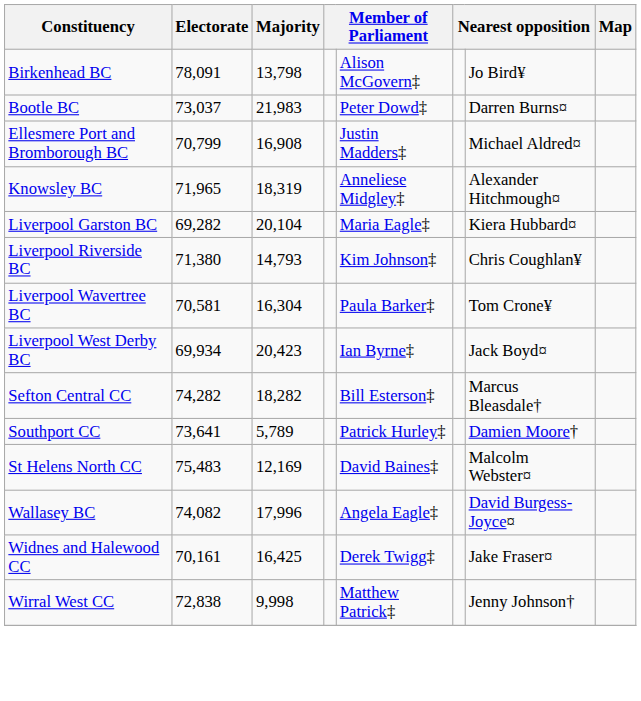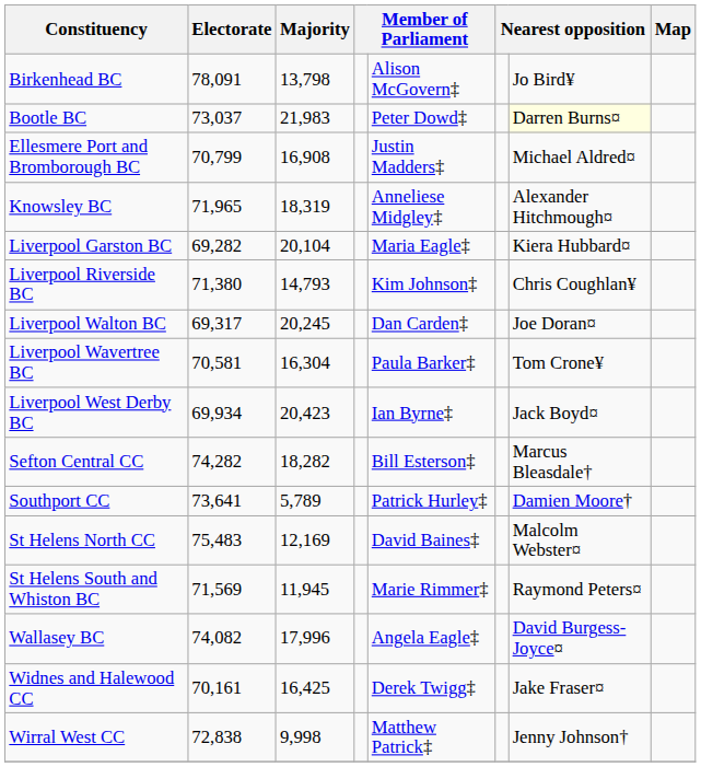 <table class="wikitable sortable">
 <tr>
 <th rowspan="1">Constituency</th>
 <th rowspan="1">Electorate</th>
 <th rowspan="1">Majority</th>
 <th class="unsortable" colspan="2"><a href='#'>Member of Parliament</a></th>
 <th class="unsortable" colspan="2">Nearest opposition</th>
 <th class="unsortable" rowspan="1">Map</th>
 </tr>
 <tr>
 <td><a href='#'>Birkenhead BC</a></td>
 <td>78,091</td>
 <td>13,798</td>
 <td style="color:inherit;background:"> </td>
 <td><a href='#'>Alison McGovern</a>‡</td>
 <td style="color:inherit;background:"> </td>
 <td>Jo Bird¥</td>
 <td></td>
 </tr>
 <tr>
 <td><a href='#'>Bootle BC</a></td>
 <td>73,037</td>
 <td>21,983</td>
 <td style="color:inherit;background:"> </td>
 <td><a href='#'>Peter Dowd</a>‡</td>
 <td style="color:inherit;background:"> </td>
-<td>Darren Burns¤</td>
+<td style="background: lightyellow;">Darren Burns¤</td>
 <td></td>
 </tr>
 <tr>
 <td><a href='#'>Ellesmere Port and Bromborough BC</a></td>
 <td>70,799</td>
 <td>16,908</td>
 <td style="color:inherit;background:"> </td>
 <td><a href='#'>Justin Madders</a>‡</td>
 <td style="color:inherit;background:"> </td>
 <td>Michael Aldred¤</td>
 <td></td>
 </tr>
 <tr>
 <td><a href='#'>Knowsley BC</a></td>
 <td>71,965</td>
 <td>18,319</td>
 <td style="color:inherit;background:"> </td>
 <td><a href='#'>Anneliese Midgley</a>‡</td>
 <td style="color:inherit;background:"> </td>
 <td>Alexander Hitchmough¤</td>
 <td></td>
 </tr>
 <tr>
 <td><a href='#'>Liverpool Garston BC</a></td>
 <td>69,282</td>
 <td>20,104</td>
 <td style="color:inherit;background:"> </td>
 <td><a href='#'>Maria Eagle</a>‡</td>
 <td style="color:inherit;background:"> </td>
 <td>Kiera Hubbard¤</td>
 <td></td>
 </tr>
 <tr>
 <td><a href='#'>Liverpool Riverside BC</a></td>
 <td>71,380</td>
 <td>14,793</td>
 <td style="color:inherit;background:"> </td>
 <td><a href='#'>Kim Johnson</a>‡</td>
 <td style="color:inherit;background:"> </td>
 <td>Chris Coughlan¥</td>
+<td></td>
+</tr>
+<tr>
+<td><a href='#'>Liverpool Walton BC</a></td>
+<td>69,317</td>
+<td>20,245</td>
+<td style="color:inherit;background:"> </td>
+<td><a href='#'>Dan Carden</a>‡</td>
+<td style="color:inherit;background:"> </td>
+<td>Joe Doran¤</td>
 <td></td>
 </tr>
 <tr>
 <td><a href='#'>Liverpool Wavertree BC</a></td>
 <td>70,581</td>
 <td>16,304</td>
 <td style="color:inherit;background:"> </td>
 <td><a href='#'>Paula Barker</a>‡</td>
 <td style="color:inherit;background:"> </td>
 <td>Tom Crone¥</td>
 <td></td>
 </tr>
 <tr>
 <td><a href='#'>Liverpool West Derby BC</a></td>
 <td>69,934</td>
 <td>20,423</td>
 <td style="color:inherit;background:"> </td>
 <td><a href='#'>Ian Byrne</a>‡</td>
 <td style="color:inherit;background:"> </td>
 <td>Jack Boyd¤</td>
 <td></td>
 </tr>
 <tr>
 <td><a href='#'>Sefton Central CC</a></td>
 <td>74,282</td>
 <td>18,282</td>
 <td style="color:inherit;background:"> </td>
 <td><a href='#'>Bill Esterson</a>‡</td>
 <td style="color:inherit;background:"> </td>
 <td>Marcus Bleasdale†</td>
 <td></td>
 </tr>
 <tr>
 <td><a href='#'>Southport CC</a></td>
 <td>73,641</td>
 <td>5,789</td>
 <td style="color:inherit;background:"> </td>
 <td><a href='#'>Patrick Hurley</a>‡</td>
 <td style="color:inherit;background:"> </td>
 <td><a href='#'>Damien Moore</a>†</td>
 <td></td>
 </tr>
 <tr>
 <td><a href='#'>St Helens North CC</a></td>
 <td>75,483</td>
 <td>12,169</td>
 <td style="color:inherit;background:"> </td>
 <td><a href='#'>David Baines</a>‡</td>
 <td style="color:inherit;background:"> </td>
 <td>Malcolm Webster¤</td>
 <td></td>
 </tr>
 <tr>
+<td><a href='#'>St Helens South and Whiston BC</a></td>
+<td>71,569</td>
+<td>11,945</td>
+<td style="color:inherit;background:"> </td>
+<td><a href='#'>Marie Rimmer</a>‡</td>
+<td style="color:inherit;background:"> </td>
+<td>Raymond Peters¤</td>
+<td></td>
+</tr>
+<tr>
 <td><a href='#'>Wallasey BC</a></td>
 <td>74,082</td>
 <td>17,996</td>
 <td style="color:inherit;background:"> </td>
 <td><a href='#'>Angela Eagle</a>‡</td>
 <td style="color:inherit;background:"> </td>
 <td><a href='#'>David Burgess-Joyce</a>¤</td>
 <td></td>
 </tr>
 <tr>
 <td><a href='#'>Widnes and Halewood CC</a></td>
 <td>70,161</td>
 <td>16,425</td>
 <td style="color:inherit;background:"> </td>
 <td><a href='#'>Derek Twigg</a>‡</td>
 <td style="color:inherit;background:"> </td>
 <td>Jake Fraser¤</td>
 <td></td>
 </tr>
 <tr>
 <td><a href='#'>Wirral West CC</a></td>
 <td>72,838</td>
 <td>9,998</td>
 <td style="color:inherit;background:"> </td>
 <td><a href='#'>Matthew Patrick</a>‡</td>
 <td style="color:inherit;background:"> </td>
 <td>Jenny Johnson†</td>
 <td></td>
 </tr>
 <tr>
 </tr>
 </table>
